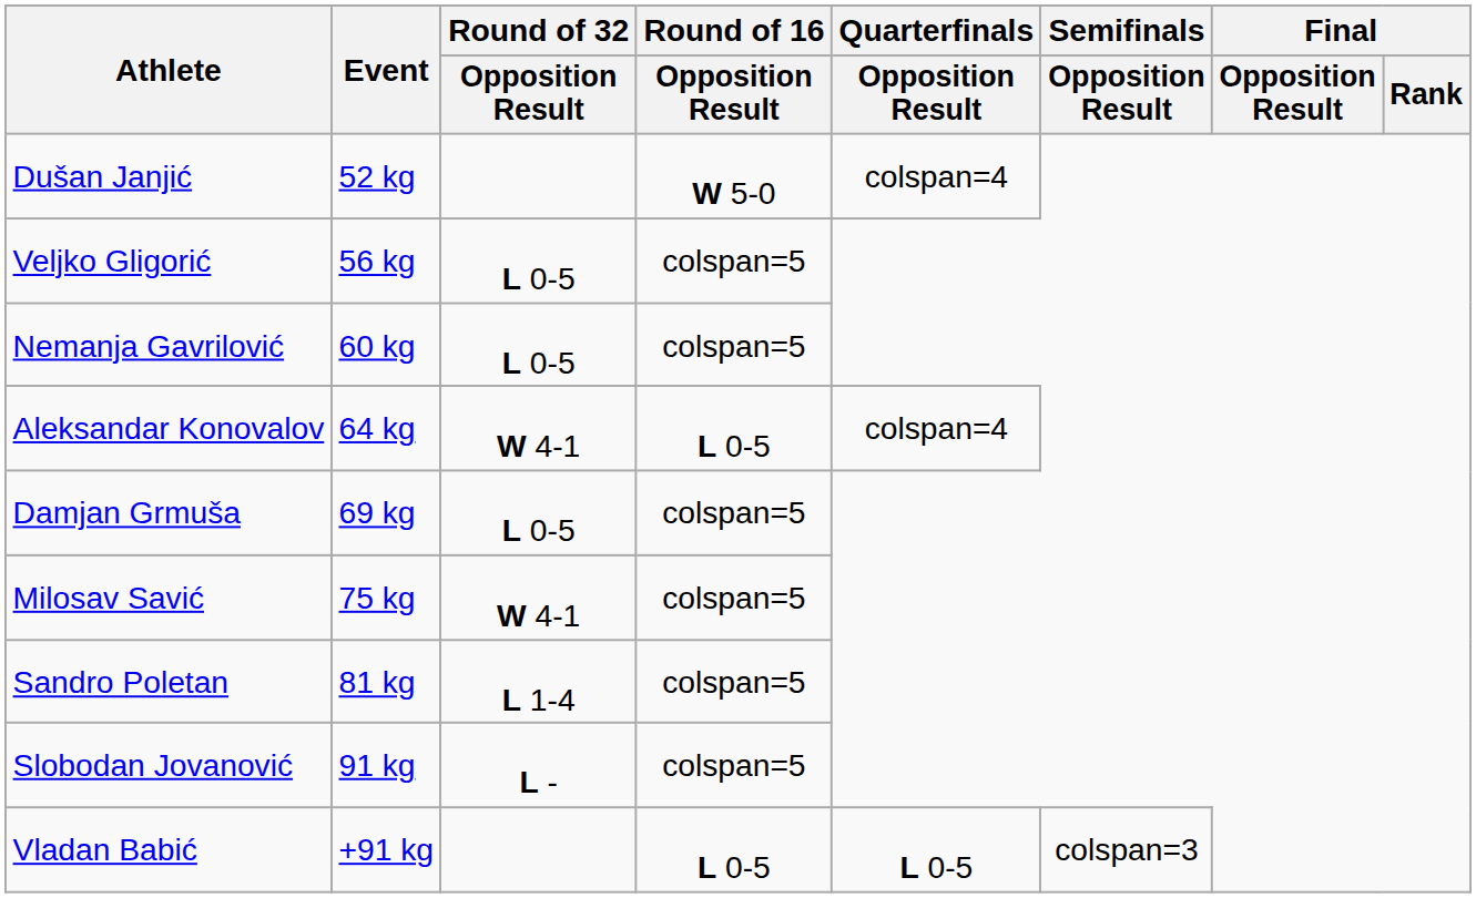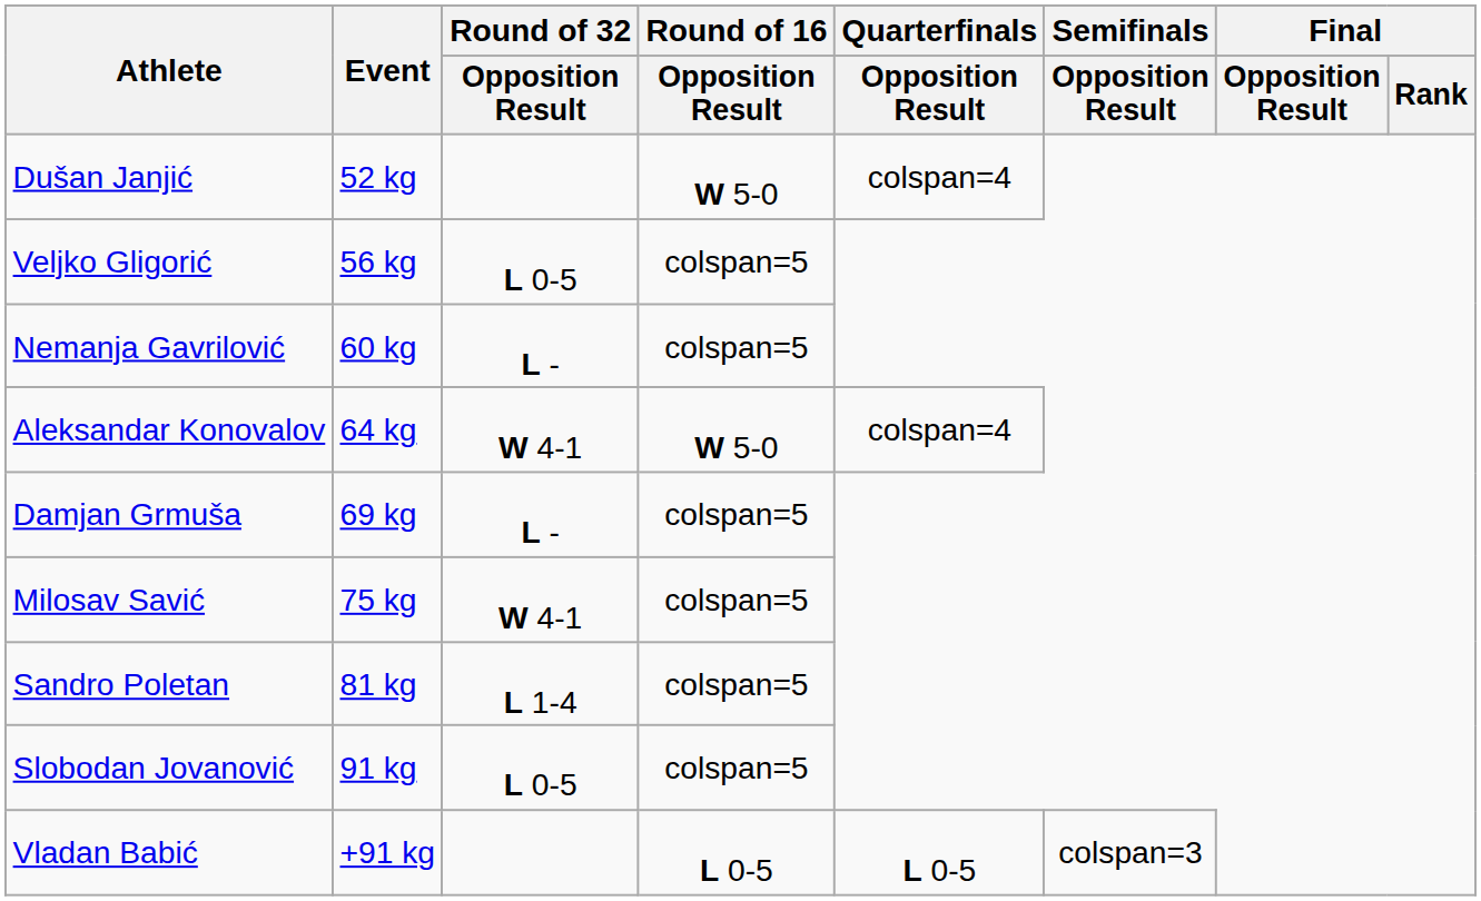 <table class="wikitable" style="font-size:90%">
 <tr>
 <th rowspan="2">Athlete</th>
 <th rowspan="2">Event</th>
 <th>Round of 32</th>
 <th>Round of 16</th>
 <th>Quarterfinals</th>
 <th>Semifinals</th>
 <th colspan=2>Final</th>
 </tr>
 <tr style="font-size:95%">
 <th>Opposition<br>Result</th>
 <th>Opposition<br>Result</th>
 <th>Opposition<br>Result</th>
 <th>Opposition<br>Result</th>
 <th>Opposition<br>Result</th>
 <th>Rank</th>
 </tr>
 <tr align=center>
 <td align=left><a href='#'>Dušan Janjić</a></td>
 <td align=left><a href='#'>52 kg</a></td>
 <td></td>
 <td><br><strong>W</strong> 5-0 </td>
 <td>colspan=4 </td>
 </tr>
 <tr align=center>
 <td align=left><a href='#'>Veljko Gligorić</a></td>
 <td align=left><a href='#'>56 kg</a></td>
 <td><br><strong>L</strong> 0-5 </td>
 <td>colspan=5 </td>
 </tr>
 <tr align=center>
 <td align=left><a href='#'>Nemanja Gavrilović</a></td>
 <td align=left><a href='#'>60 kg</a></td>
-<td><br><strong>L</strong> 0-5 </td>
+<td><br><strong>L</strong> - </td>
 <td>colspan=5 </td>
 </tr>
 <tr align=center>
 <td align=left><a href='#'>Aleksandar Konovalov</a></td>
 <td align=left><a href='#'>64 kg</a></td>
 <td><br><strong>W</strong> 4-1 </td>
-<td><br><strong>L</strong> 0-5 </td>
+<td><br><strong>W</strong> 5-0 </td>
 <td>colspan=4 </td>
 </tr>
 <tr align=center>
 <td align=left><a href='#'>Damjan Grmuša</a></td>
 <td align=left><a href='#'>69 kg</a></td>
-<td><br><strong>L</strong> 0-5 </td>
+<td><br><strong>L</strong> - </td>
 <td>colspan=5 </td>
 </tr>
 <tr align=center>
 <td align=left><a href='#'>Milosav Savić</a></td>
 <td align=left><a href='#'>75 kg</a></td>
 <td><br><strong>W</strong> 4-1 </td>
 <td>colspan=5 </td>
 </tr>
 <tr align=center>
 <td align=left><a href='#'>Sandro Poletan</a></td>
 <td align=left><a href='#'>81 kg</a></td>
 <td><br><strong>L</strong> 1-4 </td>
 <td>colspan=5 </td>
 </tr>
 <tr align=center>
 <td align=left><a href='#'>Slobodan Jovanović</a></td>
 <td align=left><a href='#'>91 kg</a></td>
-<td><br><strong>L</strong> - </td>
+<td><br><strong>L</strong> 0-5 </td>
 <td>colspan=5 </td>
 </tr>
 <tr align=center>
 <td align=left><a href='#'>Vladan Babić</a></td>
 <td align=left><a href='#'>+91 kg</a></td>
 <td></td>
 <td><br><strong>L</strong> 0-5 </td>
 <td><br><strong>L</strong> 0-5 </td>
 <td>colspan=3 </td>
 </tr>
 </table>
